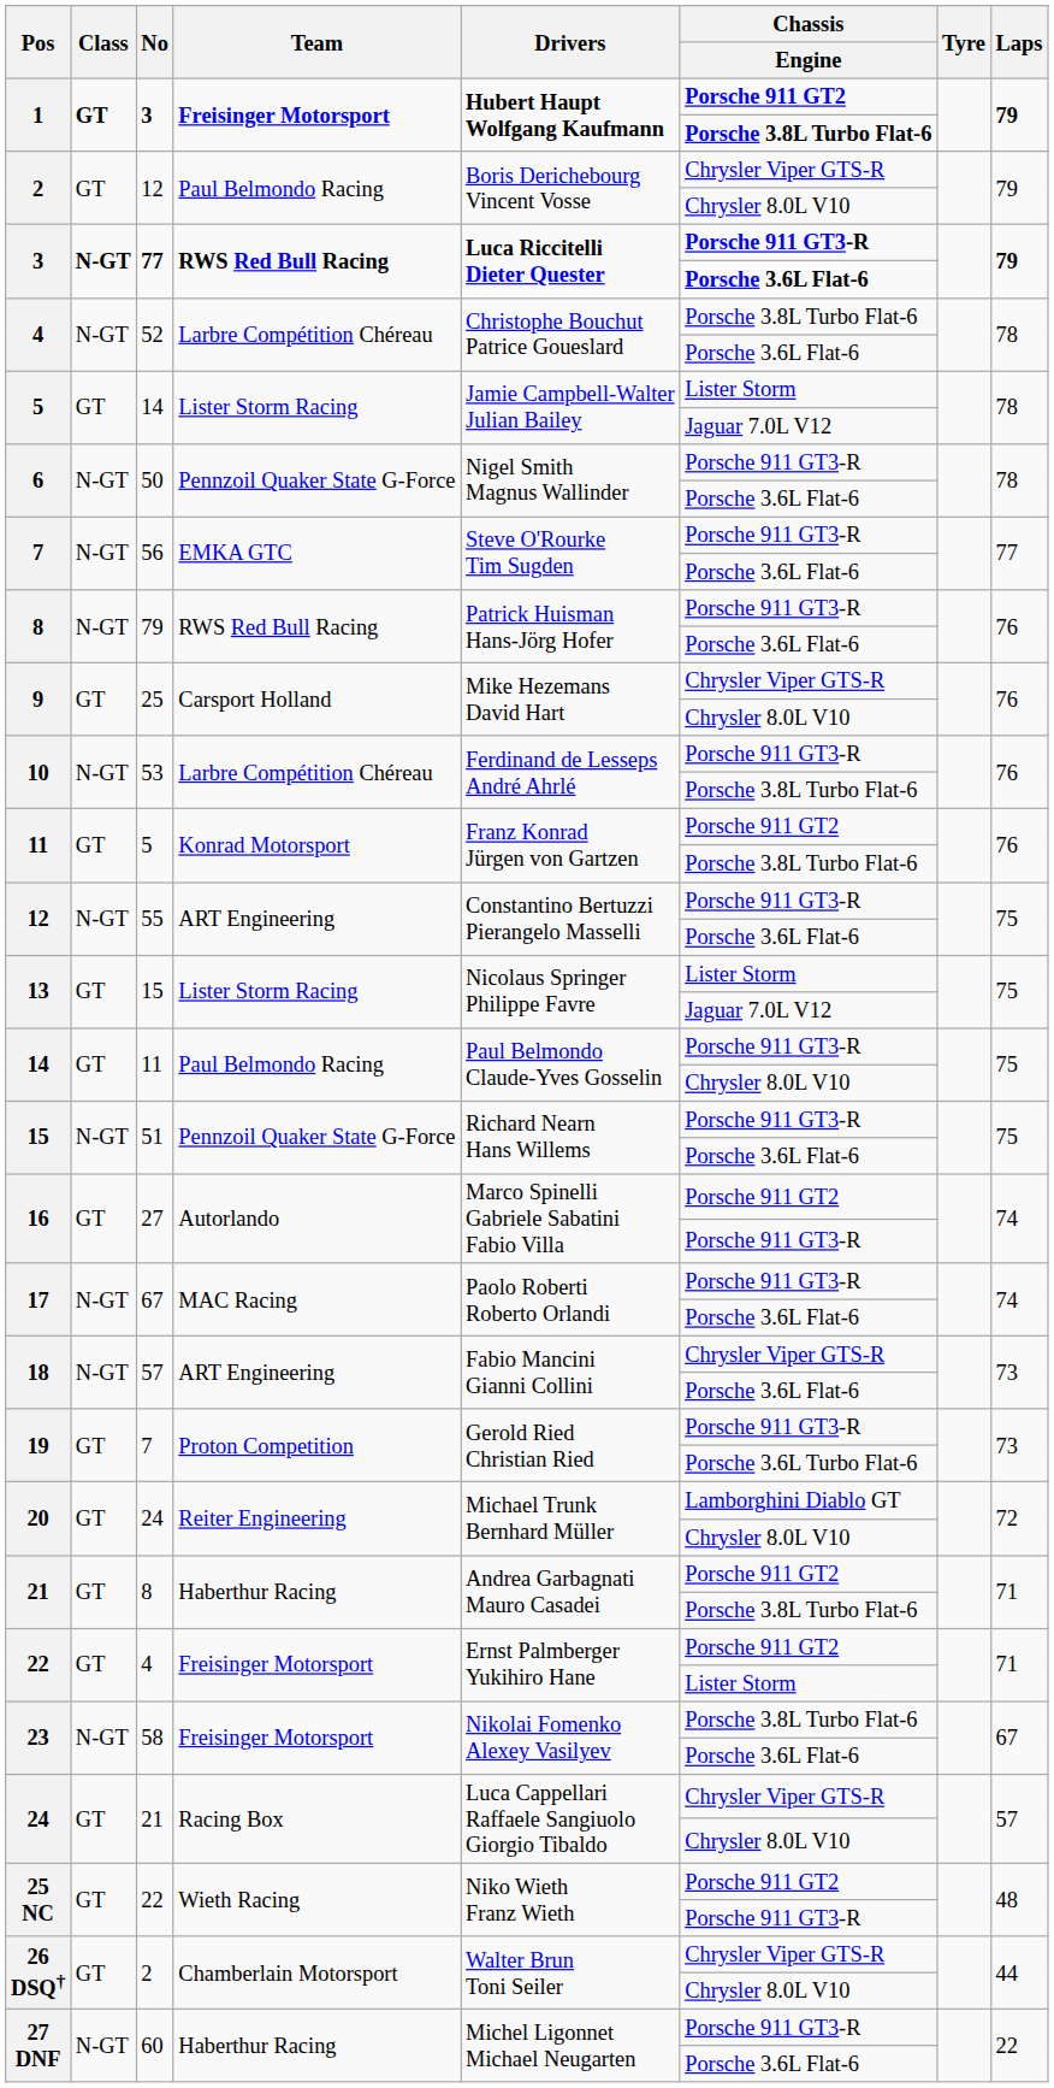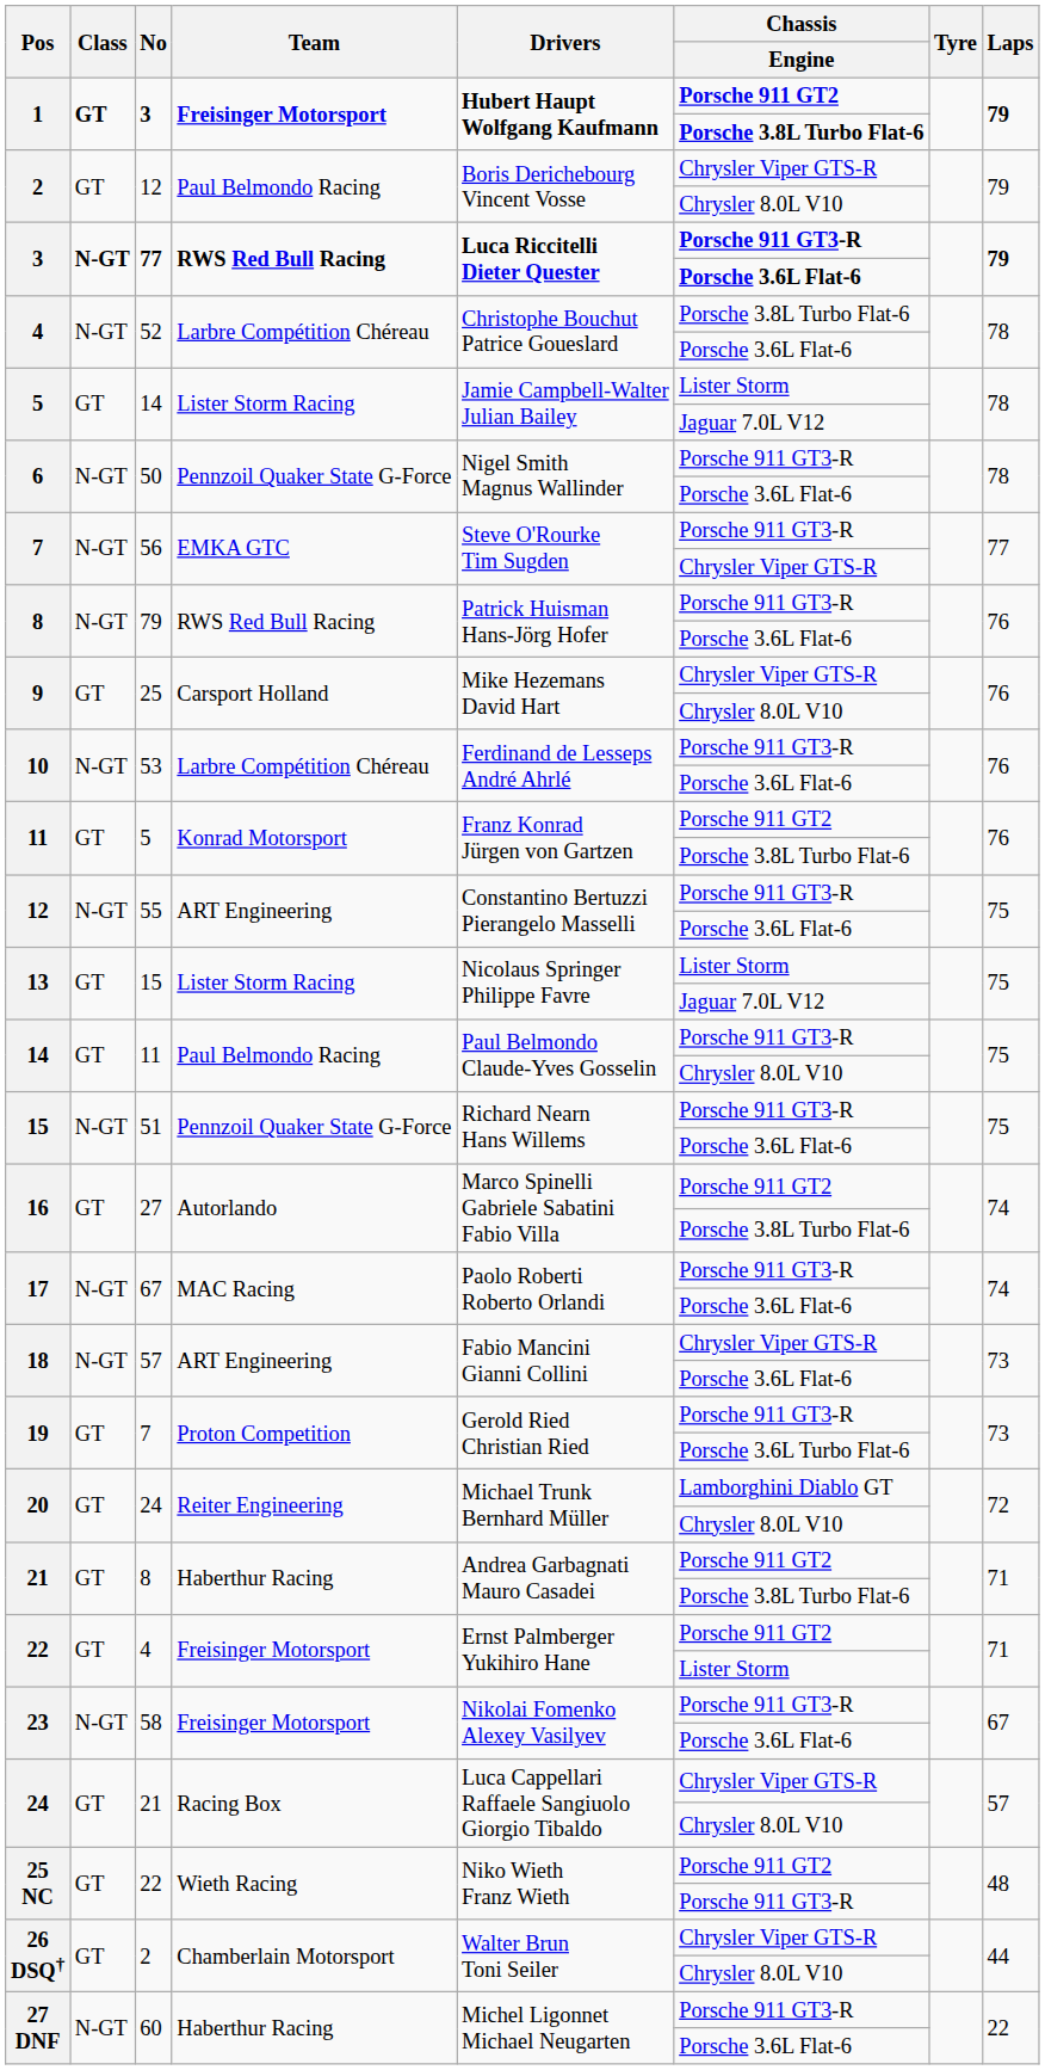 <table class="wikitable" style="font-size: 95%;">
 <tr>
 <th rowspan=2>Pos</th>
 <th rowspan=2>Class</th>
 <th rowspan=2>No</th>
 <th rowspan=2>Team</th>
 <th rowspan=2>Drivers</th>
 <th>Chassis</th>
 <th rowspan=2>Tyre</th>
 <th rowspan=2>Laps</th>
 </tr>
 <tr>
 <th>Engine</th>
 </tr>
 <tr style="font-weight:bold">
 <th rowspan=2>1</th>
 <td rowspan=2>GT</td>
 <td rowspan=2>3</td>
 <td rowspan=2> <a href='#'>Freisinger Motorsport</a></td>
 <td rowspan=2> Hubert Haupt<br> Wolfgang Kaufmann</td>
 <td><a href='#'>Porsche 911 GT2</a></td>
 <td rowspan=2></td>
 <td rowspan=2>79</td>
 </tr>
 <tr style="font-weight:bold">
 <td><a href='#'>Porsche</a> 3.8L Turbo Flat-6</td>
 </tr>
 <tr>
 <th rowspan=2>2</th>
 <td rowspan=2>GT</td>
 <td rowspan=2>12</td>
 <td rowspan=2> <a href='#'>Paul Belmondo</a> Racing</td>
 <td rowspan=2> <a href='#'>Boris Derichebourg</a><br> Vincent Vosse</td>
 <td><a href='#'>Chrysler Viper GTS-R</a></td>
 <td rowspan=2></td>
 <td rowspan=2>79</td>
 </tr>
 <tr>
 <td><a href='#'>Chrysler</a> 8.0L V10</td>
 </tr>
 <tr style="font-weight:bold">
 <th rowspan=2>3</th>
 <td rowspan=2>N-GT</td>
 <td rowspan=2>77</td>
 <td rowspan=2> RWS <a href='#'>Red Bull</a> Racing</td>
 <td rowspan=2> Luca Riccitelli<br> <a href='#'>Dieter Quester</a></td>
 <td><a href='#'>Porsche 911 GT3</a>-R</td>
 <td rowspan=2></td>
 <td rowspan=2>79</td>
 </tr>
 <tr style="font-weight:bold">
 <td><a href='#'>Porsche</a> 3.6L Flat-6</td>
 </tr>
 <tr>
 <th rowspan=2>4</th>
 <td rowspan=2>N-GT</td>
 <td rowspan=2>52</td>
 <td rowspan=2> <a href='#'>Larbre Compétition</a> Chéreau</td>
 <td rowspan=2> <a href='#'>Christophe Bouchut</a><br> Patrice Goueslard</td>
 <td><a href='#'>Porsche</a> 3.8L Turbo Flat-6</td>
 <td rowspan=2></td>
 <td rowspan=2>78</td>
 </tr>
 <tr>
 <td><a href='#'>Porsche</a> 3.6L Flat-6</td>
 </tr>
 <tr>
 <th rowspan=2>5</th>
 <td rowspan=2>GT</td>
 <td rowspan=2>14</td>
 <td rowspan=2> <a href='#'>Lister Storm Racing</a></td>
 <td rowspan=2> <a href='#'>Jamie Campbell-Walter</a><br> <a href='#'>Julian Bailey</a></td>
 <td><a href='#'>Lister Storm</a></td>
 <td rowspan=2></td>
 <td rowspan=2>78</td>
 </tr>
 <tr>
 <td><a href='#'>Jaguar</a> 7.0L V12</td>
 </tr>
 <tr>
 <th rowspan=2>6</th>
 <td rowspan=2>N-GT</td>
 <td rowspan=2>50</td>
 <td rowspan=2> <a href='#'>Pennzoil Quaker State</a> G-Force</td>
 <td rowspan=2> Nigel Smith<br> Magnus Wallinder</td>
 <td><a href='#'>Porsche 911 GT3</a>-R</td>
 <td rowspan=2></td>
 <td rowspan=2>78</td>
 </tr>
 <tr>
 <td><a href='#'>Porsche</a> 3.6L Flat-6</td>
 </tr>
 <tr>
 <th rowspan=2>7</th>
 <td rowspan=2>N-GT</td>
 <td rowspan=2>56</td>
 <td rowspan=2> <a href='#'>EMKA GTC</a></td>
 <td rowspan=2> <a href='#'>Steve O'Rourke</a><br> <a href='#'>Tim Sugden</a></td>
 <td><a href='#'>Porsche 911 GT3</a>-R</td>
 <td rowspan=2></td>
 <td rowspan=2>77</td>
 </tr>
 <tr>
-<td><a href='#'>Porsche</a> 3.6L Flat-6</td>
+<td><a href='#'>Chrysler Viper GTS-R</a></td>
 </tr>
 <tr>
 <th rowspan=2>8</th>
 <td rowspan=2>N-GT</td>
 <td rowspan=2>79</td>
 <td rowspan=2> RWS <a href='#'>Red Bull</a> Racing</td>
 <td rowspan=2> <a href='#'>Patrick Huisman</a><br> Hans-Jörg Hofer</td>
 <td><a href='#'>Porsche 911 GT3</a>-R</td>
 <td rowspan=2></td>
 <td rowspan=2>76</td>
 </tr>
 <tr>
 <td><a href='#'>Porsche</a> 3.6L Flat-6</td>
 </tr>
 <tr>
 <th rowspan=2>9</th>
 <td rowspan=2>GT</td>
 <td rowspan=2>25</td>
 <td rowspan=2> Carsport Holland</td>
 <td rowspan=2> Mike Hezemans<br> David Hart</td>
 <td><a href='#'>Chrysler Viper GTS-R</a></td>
 <td rowspan=2></td>
 <td rowspan=2>76</td>
 </tr>
 <tr>
 <td><a href='#'>Chrysler</a> 8.0L V10</td>
 </tr>
 <tr>
 <th rowspan=2>10</th>
 <td rowspan=2>N-GT</td>
 <td rowspan=2>53</td>
 <td rowspan=2> <a href='#'>Larbre Compétition</a> Chéreau</td>
 <td rowspan=2> <a href='#'>Ferdinand de Lesseps</a><br> <a href='#'>André Ahrlé</a></td>
 <td><a href='#'>Porsche 911 GT3</a>-R</td>
 <td rowspan=2></td>
 <td rowspan=2>76</td>
 </tr>
 <tr>
-<td><a href='#'>Porsche</a> 3.8L Turbo Flat-6</td>
+<td><a href='#'>Porsche</a> 3.6L Flat-6</td>
 </tr>
 <tr>
 <th rowspan=2>11</th>
 <td rowspan=2>GT</td>
 <td rowspan=2>5</td>
 <td rowspan=2> <a href='#'>Konrad Motorsport</a></td>
 <td rowspan=2> <a href='#'>Franz Konrad</a><br> Jürgen von Gartzen</td>
 <td><a href='#'>Porsche 911 GT2</a></td>
 <td rowspan=2></td>
 <td rowspan=2>76</td>
 </tr>
 <tr>
 <td><a href='#'>Porsche</a> 3.8L Turbo Flat-6</td>
 </tr>
 <tr>
 <th rowspan=2>12</th>
 <td rowspan=2>N-GT</td>
 <td rowspan=2>55</td>
 <td rowspan=2> ART Engineering</td>
 <td rowspan=2> Constantino Bertuzzi<br> Pierangelo Masselli</td>
 <td><a href='#'>Porsche 911 GT3</a>-R</td>
 <td rowspan=2></td>
 <td rowspan=2>75</td>
 </tr>
 <tr>
 <td><a href='#'>Porsche</a> 3.6L Flat-6</td>
 </tr>
 <tr>
 <th rowspan=2>13</th>
 <td rowspan=2>GT</td>
 <td rowspan=2>15</td>
 <td rowspan=2> <a href='#'>Lister Storm Racing</a></td>
 <td rowspan=2> Nicolaus Springer<br> Philippe Favre</td>
 <td><a href='#'>Lister Storm</a></td>
 <td rowspan=2></td>
 <td rowspan=2>75</td>
 </tr>
 <tr>
 <td><a href='#'>Jaguar</a> 7.0L V12</td>
 </tr>
 <tr>
 <th rowspan=2>14</th>
 <td rowspan=2>GT</td>
 <td rowspan=2>11</td>
 <td rowspan=2> <a href='#'>Paul Belmondo</a> Racing</td>
 <td rowspan=2> <a href='#'>Paul Belmondo</a><br> Claude-Yves Gosselin</td>
 <td><a href='#'>Porsche 911 GT3</a>-R</td>
 <td rowspan=2></td>
 <td rowspan=2>75</td>
 </tr>
 <tr>
 <td><a href='#'>Chrysler</a> 8.0L V10</td>
 </tr>
 <tr>
 <th rowspan=2>15</th>
 <td rowspan=2>N-GT</td>
 <td rowspan=2>51</td>
 <td rowspan=2> <a href='#'>Pennzoil Quaker State</a> G-Force</td>
 <td rowspan=2> Richard Nearn<br> Hans Willems</td>
 <td><a href='#'>Porsche 911 GT3</a>-R</td>
 <td rowspan=2></td>
 <td rowspan=2>75</td>
 </tr>
 <tr>
 <td><a href='#'>Porsche</a> 3.6L Flat-6</td>
 </tr>
 <tr>
 <th rowspan=2>16</th>
 <td rowspan=2>GT</td>
 <td rowspan=2>27</td>
 <td rowspan=2> Autorlando</td>
 <td rowspan=2> Marco Spinelli<br> Gabriele Sabatini<br> Fabio Villa</td>
 <td><a href='#'>Porsche 911 GT2</a></td>
 <td rowspan=2></td>
 <td rowspan=2>74</td>
 </tr>
 <tr>
-<td><a href='#'>Porsche 911 GT3</a>-R</td>
+<td><a href='#'>Porsche</a> 3.8L Turbo Flat-6</td>
 </tr>
 <tr>
 <th rowspan=2>17</th>
 <td rowspan=2>N-GT</td>
 <td rowspan=2>67</td>
 <td rowspan=2> MAC Racing</td>
 <td rowspan=2> Paolo Roberti<br> Roberto Orlandi</td>
 <td><a href='#'>Porsche 911 GT3</a>-R</td>
 <td rowspan=2></td>
 <td rowspan=2>74</td>
 </tr>
 <tr>
 <td><a href='#'>Porsche</a> 3.6L Flat-6</td>
 </tr>
 <tr>
 <th rowspan=2>18</th>
 <td rowspan=2>N-GT</td>
 <td rowspan=2>57</td>
 <td rowspan=2> ART Engineering</td>
 <td rowspan=2> Fabio Mancini<br> Gianni Collini</td>
 <td><a href='#'>Chrysler Viper GTS-R</a></td>
 <td rowspan=2></td>
 <td rowspan=2>73</td>
 </tr>
 <tr>
 <td><a href='#'>Porsche</a> 3.6L Flat-6</td>
 </tr>
 <tr>
 <th rowspan=2>19</th>
 <td rowspan=2>GT</td>
 <td rowspan=2>7</td>
 <td rowspan=2> <a href='#'>Proton Competition</a></td>
 <td rowspan=2> Gerold Ried<br> Christian Ried</td>
 <td><a href='#'>Porsche 911 GT3</a>-R</td>
 <td rowspan=2></td>
 <td rowspan=2>73</td>
 </tr>
 <tr>
 <td><a href='#'>Porsche</a> 3.6L Turbo Flat-6</td>
 </tr>
 <tr>
 <th rowspan=2>20</th>
 <td rowspan=2>GT</td>
 <td rowspan=2>24</td>
 <td rowspan=2> <a href='#'>Reiter Engineering</a></td>
 <td rowspan=2> Michael Trunk<br> Bernhard Müller</td>
 <td><a href='#'>Lamborghini Diablo</a> GT</td>
 <td rowspan=2></td>
 <td rowspan=2>72</td>
 </tr>
 <tr>
 <td><a href='#'>Chrysler</a> 8.0L V10</td>
 </tr>
 <tr>
 <th rowspan=2>21</th>
 <td rowspan=2>GT</td>
 <td rowspan=2>8</td>
 <td rowspan=2> Haberthur Racing</td>
 <td rowspan=2> Andrea Garbagnati<br> Mauro Casadei</td>
 <td><a href='#'>Porsche 911 GT2</a></td>
 <td rowspan=2></td>
 <td rowspan=2>71</td>
 </tr>
 <tr>
 <td><a href='#'>Porsche</a> 3.8L Turbo Flat-6</td>
 </tr>
 <tr>
 <th rowspan=2>22</th>
 <td rowspan=2>GT</td>
 <td rowspan=2>4</td>
 <td rowspan=2> <a href='#'>Freisinger Motorsport</a></td>
 <td rowspan=2> Ernst Palmberger<br> Yukihiro Hane</td>
 <td><a href='#'>Porsche 911 GT2</a></td>
 <td rowspan=2></td>
 <td rowspan=2>71</td>
 </tr>
 <tr>
 <td><a href='#'>Lister Storm</a></td>
 </tr>
 <tr>
 <th rowspan=2>23</th>
 <td rowspan=2>N-GT</td>
 <td rowspan=2>58</td>
 <td rowspan=2> <a href='#'>Freisinger Motorsport</a></td>
 <td rowspan=2> <a href='#'>Nikolai Fomenko</a><br> <a href='#'>Alexey Vasilyev</a></td>
-<td><a href='#'>Porsche</a> 3.8L Turbo Flat-6</td>
+<td><a href='#'>Porsche 911 GT3</a>-R</td>
 <td rowspan=2></td>
 <td rowspan=2>67</td>
 </tr>
 <tr>
 <td><a href='#'>Porsche</a> 3.6L Flat-6</td>
 </tr>
 <tr>
 <th rowspan=2>24</th>
 <td rowspan=2>GT</td>
 <td rowspan=2>21</td>
 <td rowspan=2> Racing Box</td>
 <td rowspan=2> Luca Cappellari<br> Raffaele Sangiuolo<br> Giorgio Tibaldo</td>
 <td><a href='#'>Chrysler Viper GTS-R</a></td>
 <td rowspan=2></td>
 <td rowspan=2>57</td>
 </tr>
 <tr>
 <td><a href='#'>Chrysler</a> 8.0L V10</td>
 </tr>
 <tr>
 <th rowspan=2>25<br>NC</th>
 <td rowspan=2>GT</td>
 <td rowspan=2>22</td>
 <td rowspan=2> Wieth Racing</td>
 <td rowspan=2> Niko Wieth<br> Franz Wieth</td>
 <td><a href='#'>Porsche 911 GT2</a></td>
 <td rowspan=2></td>
 <td rowspan=2>48</td>
 </tr>
 <tr>
 <td><a href='#'>Porsche 911 GT3</a>-R</td>
 </tr>
 <tr>
 <th rowspan=2>26<br>DSQ<sup>†</sup></th>
 <td rowspan=2>GT</td>
 <td rowspan=2>2</td>
 <td rowspan=2> Chamberlain Motorsport</td>
 <td rowspan=2> <a href='#'>Walter Brun</a><br> Toni Seiler</td>
 <td><a href='#'>Chrysler Viper GTS-R</a></td>
 <td rowspan=2></td>
 <td rowspan=2>44</td>
 </tr>
 <tr>
 <td><a href='#'>Chrysler</a> 8.0L V10</td>
 </tr>
 <tr>
 <th rowspan=2>27<br>DNF</th>
 <td rowspan=2>N-GT</td>
 <td rowspan=2>60</td>
 <td rowspan=2> Haberthur Racing</td>
 <td rowspan=2> Michel Ligonnet<br> Michael Neugarten</td>
 <td><a href='#'>Porsche 911 GT3</a>-R</td>
 <td rowspan=2></td>
 <td rowspan=2>22</td>
 </tr>
 <tr>
 <td><a href='#'>Porsche</a> 3.6L Flat-6</td>
 </tr>
 </table>
